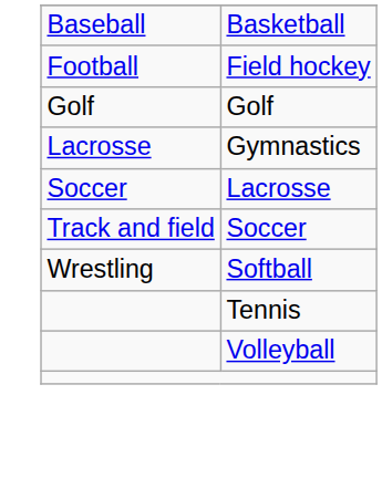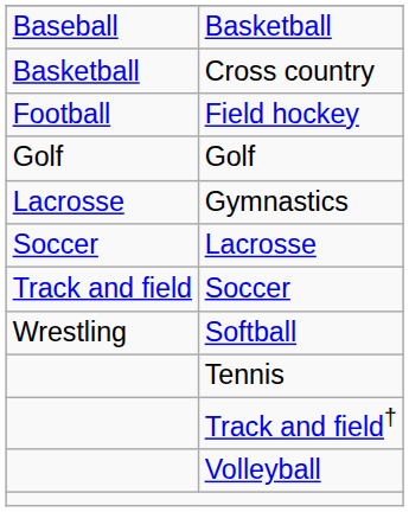 <table class="wikitable" style="float:right; clear:right; margin:0 0 1em 1em;">
 <tr>
 </tr>
 <tr>
 <td><a href='#'>Baseball</a></td>
 <td><a href='#'>Basketball</a></td>
+</tr>
+<tr>
+<td><a href='#'>Basketball</a></td>
+<td>Cross country</td>
 </tr>
 <tr>
 <td><a href='#'>Football</a></td>
 <td><a href='#'>Field hockey</a></td>
 </tr>
 <tr>
 <td>Golf</td>
 <td>Golf</td>
 </tr>
 <tr>
 <td><a href='#'>Lacrosse</a></td>
 <td>Gymnastics</td>
 </tr>
 <tr>
 <td><a href='#'>Soccer</a></td>
 <td><a href='#'>Lacrosse</a></td>
 </tr>
 <tr>
 <td><a href='#'>Track and field</a></td>
 <td><a href='#'>Soccer</a></td>
 </tr>
 <tr>
 <td>Wrestling</td>
 <td><a href='#'>Softball</a></td>
 </tr>
 <tr>
 <td></td>
 <td>Tennis</td>
 </tr>
 <tr>
 <td></td>
+<td><a href='#'>Track and field</a><sup>†</sup></td>
+</tr>
+<tr>
+<td></td>
 <td><a href='#'>Volleyball</a></td>
 </tr>
 <tr>
 <td colspan="2"></td>
 </tr>
 </table>
